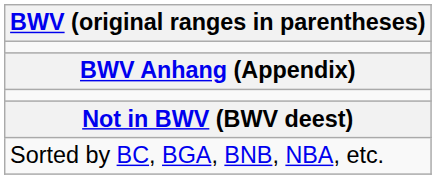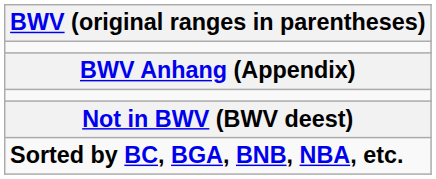 <table class="wikitable">
 <tr>
 <th><a href='#'>BWV</a> (original ranges in parentheses)</th>
 </tr>
 <tr>
 <td>              </td>
 </tr>
 <tr>
 <th><a href='#'>BWV Anhang</a> (Appendix)</th>
 </tr>
 <tr>
 <td>   </td>
 </tr>
 <tr>
 <th><a href='#'>Not in BWV</a> (BWV deest)</th>
 </tr>
 <tr>
-<td>Sorted by <a href='#'>BC</a>, <a href='#'>BGA</a>, <a href='#'>BNB</a>, <a href='#'>NBA</a>, etc.</td>
+<td><strong>Sorted by <a href='#'>BC</a>, <a href='#'>BGA</a>, <a href='#'>BNB</a>, <a href='#'>NBA</a>, etc.</strong></td>
 </tr>
 </table>
